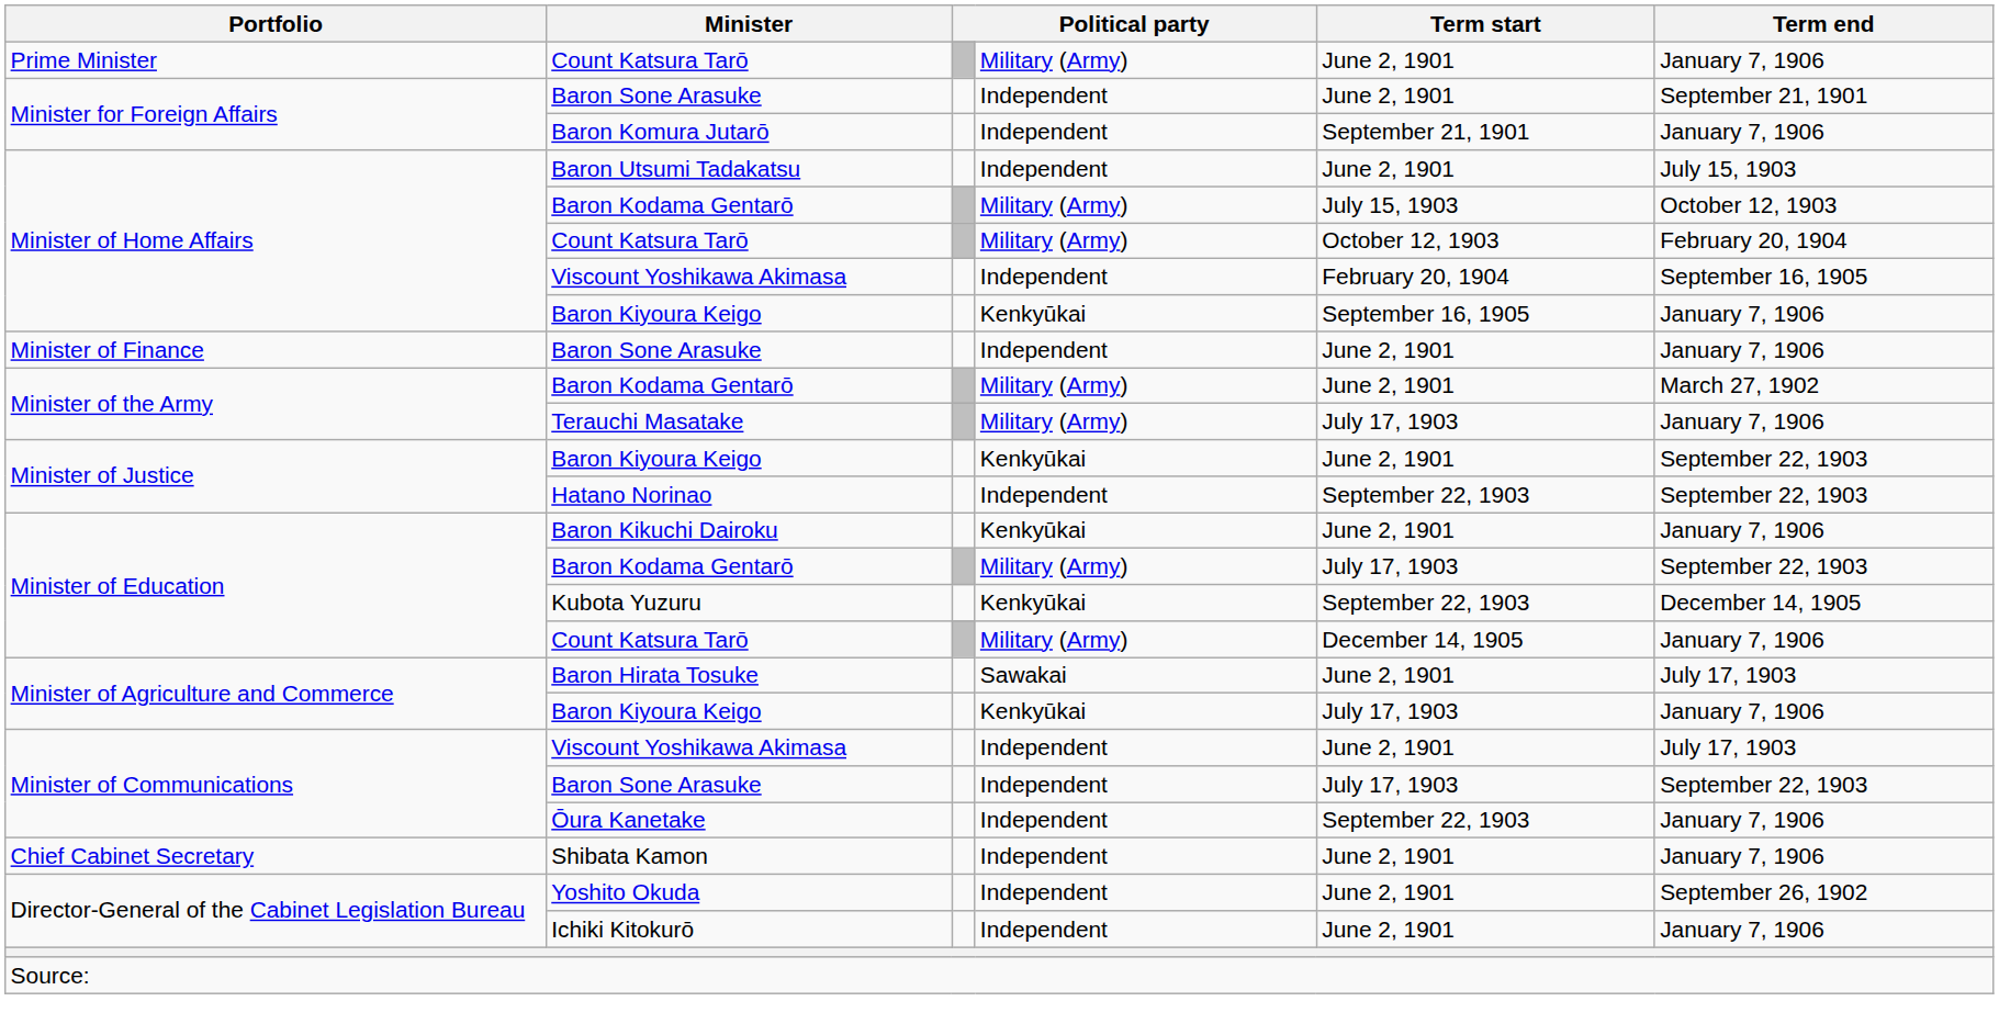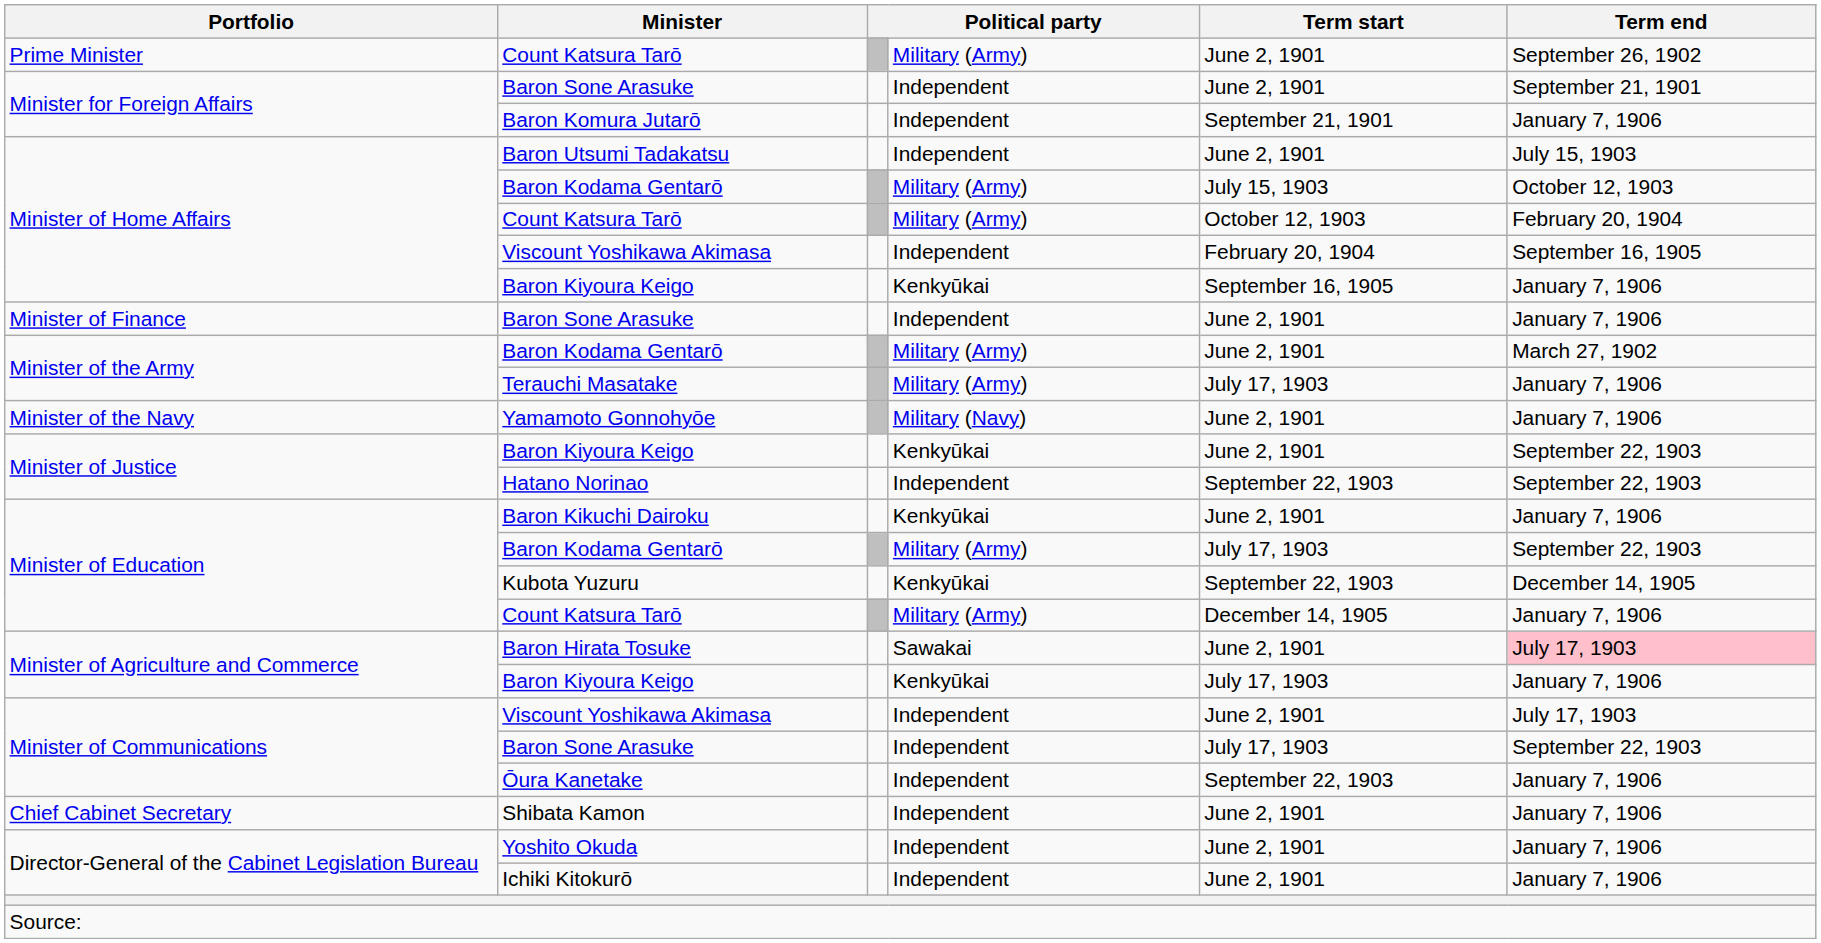 <table class="wikitable" style="font-size: 90%;">
 <tr>
 <th scope="col" width="20%">Portfolio</th>
 <th scope="col" width="15%">Minister</th>
 <th colspan="2" scope="col" width="13.5%">Political party</th>
 <th scope="col" width="12.5%">Term start</th>
 <th scope="col" width="12.5%">Term end</th>
 </tr>
 <tr>
 <td style="text-align: left;"><a href='#'>Prime Minister</a></td>
 <td><a href='#'>Count Katsura Tarō</a></td>
 <td style="color:inherit;background:#bfbfbf"></td>
 <td><a href='#'>Military</a> (<a href='#'>Army</a>)</td>
 <td>June 2, 1901</td>
-<td>January 7, 1906</td>
+<td>September 26, 1902</td>
 </tr>
 <tr>
 <td rowspan="2"><a href='#'>Minister for Foreign Affairs</a></td>
 <td><a href='#'>Baron Sone Arasuke</a></td>
 <td style="color:inherit;background:"></td>
 <td>Independent</td>
 <td>June 2, 1901</td>
 <td>September 21, 1901</td>
 </tr>
 <tr>
 <td><a href='#'>Baron Komura Jutarō</a></td>
 <td style="color:inherit;background:"></td>
 <td>Independent</td>
 <td>September 21, 1901</td>
 <td>January 7, 1906</td>
 </tr>
 <tr>
 <td rowspan="5"><a href='#'>Minister of Home Affairs</a></td>
 <td><a href='#'>Baron Utsumi Tadakatsu</a></td>
 <td style="color:inherit;background:"></td>
 <td>Independent</td>
 <td>June 2, 1901</td>
 <td>July 15, 1903</td>
 </tr>
 <tr>
 <td><a href='#'>Baron Kodama Gentarō</a></td>
 <td style="color:inherit;background:#bfbfbf"></td>
 <td><a href='#'>Military</a> (<a href='#'>Army</a>)</td>
 <td>July 15, 1903</td>
 <td>October 12, 1903</td>
 </tr>
 <tr>
 <td><a href='#'>Count Katsura Tarō</a></td>
 <td style="color:inherit;background:#bfbfbf"></td>
 <td><a href='#'>Military</a> (<a href='#'>Army</a>)</td>
 <td>October 12, 1903</td>
 <td>February 20, 1904</td>
 </tr>
 <tr>
 <td><a href='#'>Viscount Yoshikawa Akimasa</a></td>
 <td style="color:inherit;background:"></td>
 <td>Independent</td>
 <td>February 20, 1904</td>
 <td>September 16, 1905</td>
 </tr>
 <tr>
 <td><a href='#'>Baron Kiyoura Keigo</a></td>
 <td></td>
 <td>Kenkyūkai</td>
 <td>September 16, 1905</td>
 <td>January 7, 1906</td>
 </tr>
 <tr>
 <td><a href='#'>Minister of Finance</a></td>
 <td><a href='#'>Baron Sone Arasuke</a></td>
 <td style="color:inherit;background:"></td>
 <td>Independent</td>
 <td>June 2, 1901</td>
 <td>January 7, 1906</td>
 </tr>
 <tr>
 <td rowspan="2"><a href='#'>Minister of the Army</a></td>
 <td><a href='#'>Baron Kodama Gentarō</a></td>
 <td style="color:inherit;background:#bfbfbf"></td>
 <td><a href='#'>Military</a> (<a href='#'>Army</a>)</td>
 <td>June 2, 1901</td>
 <td>March 27, 1902</td>
 </tr>
 <tr>
 <td><a href='#'>Terauchi Masatake</a></td>
 <td style="color:inherit;background:#bfbfbf"></td>
 <td><a href='#'>Military</a> (<a href='#'>Army</a>)</td>
 <td>July 17, 1903</td>
 <td>January 7, 1906</td>
 </tr>
 <tr>
+<td><a href='#'>Minister of the Navy</a></td>
+<td><a href='#'>Yamamoto Gonnohyōe</a></td>
+<td style="color:inherit;background:#bfbfbf"></td>
+<td><a href='#'>Military</a> (<a href='#'>Navy</a>)</td>
+<td>June 2, 1901</td>
+<td>January 7, 1906</td>
+</tr>
+<tr>
 <td rowspan="2"><a href='#'>Minister of Justice</a></td>
 <td><a href='#'>Baron Kiyoura Keigo</a></td>
 <td></td>
 <td>Kenkyūkai</td>
 <td>June 2, 1901</td>
 <td>September 22, 1903</td>
 </tr>
 <tr>
 <td><a href='#'>Hatano Norinao</a></td>
 <td style="color:inherit;background:"></td>
 <td>Independent</td>
 <td>September 22, 1903</td>
 <td>September 22, 1903</td>
 </tr>
 <tr>
 <td rowspan="4"><a href='#'>Minister of Education</a></td>
 <td><a href='#'>Baron Kikuchi Dairoku</a></td>
 <td></td>
 <td>Kenkyūkai</td>
 <td>June 2, 1901</td>
 <td>January 7, 1906</td>
 </tr>
 <tr>
 <td><a href='#'>Baron Kodama Gentarō</a></td>
 <td style="color:inherit;background:#bfbfbf"></td>
 <td><a href='#'>Military</a> (<a href='#'>Army</a>)</td>
 <td>July 17, 1903</td>
 <td>September 22, 1903</td>
 </tr>
 <tr>
 <td>Kubota Yuzuru</td>
 <td></td>
 <td>Kenkyūkai</td>
 <td>September 22, 1903</td>
 <td>December 14, 1905</td>
 </tr>
 <tr>
 <td><a href='#'>Count Katsura Tarō</a></td>
 <td style="color:inherit;background:#bfbfbf"></td>
 <td><a href='#'>Military</a> (<a href='#'>Army</a>)</td>
 <td>December 14, 1905</td>
 <td>January 7, 1906</td>
 </tr>
 <tr>
 <td rowspan="2"><a href='#'>Minister of Agriculture and Commerce</a></td>
 <td><a href='#'>Baron Hirata Tosuke</a></td>
 <td></td>
 <td>Sawakai</td>
 <td>June 2, 1901</td>
-<td>July 17, 1903</td>
+<td style="background: pink;">July 17, 1903</td>
 </tr>
 <tr>
 <td><a href='#'>Baron Kiyoura Keigo</a></td>
 <td></td>
 <td>Kenkyūkai</td>
 <td>July 17, 1903</td>
 <td>January 7, 1906</td>
 </tr>
 <tr>
 <td rowspan="3"><a href='#'>Minister of Communications</a></td>
 <td><a href='#'>Viscount Yoshikawa Akimasa</a></td>
 <td style="color:inherit;background:"></td>
 <td>Independent</td>
 <td>June 2, 1901</td>
 <td>July 17, 1903</td>
 </tr>
 <tr>
 <td><a href='#'>Baron Sone Arasuke</a></td>
 <td style="color:inherit;background:"></td>
 <td>Independent</td>
 <td>July 17, 1903</td>
 <td>September 22, 1903</td>
 </tr>
 <tr>
 <td><a href='#'>Ōura Kanetake</a></td>
 <td style="color:inherit;background:"></td>
 <td>Independent</td>
 <td>September 22, 1903</td>
 <td>January 7, 1906</td>
 </tr>
 <tr>
 <td><a href='#'>Chief Cabinet Secretary</a></td>
 <td>Shibata Kamon</td>
 <td style="color:inherit;background:"></td>
 <td>Independent</td>
 <td>June 2, 1901</td>
 <td>January 7, 1906</td>
 </tr>
 <tr>
 <td rowspan="2">Director-General of the <a href='#'>Cabinet Legislation Bureau</a></td>
 <td><a href='#'>Yoshito Okuda</a></td>
 <td style="color:inherit;background:"></td>
 <td>Independent</td>
 <td>June 2, 1901</td>
-<td>September 26, 1902</td>
+<td>January 7, 1906</td>
 </tr>
 <tr>
 <td>Ichiki Kitokurō</td>
 <td style="color:inherit;background:"></td>
 <td>Independent</td>
 <td>June 2, 1901</td>
 <td>January 7, 1906</td>
 </tr>
 <tr>
 <th colspan="6"></th>
 </tr>
 <tr>
 <td colspan="6">Source:</td>
 </tr>
 </table>
